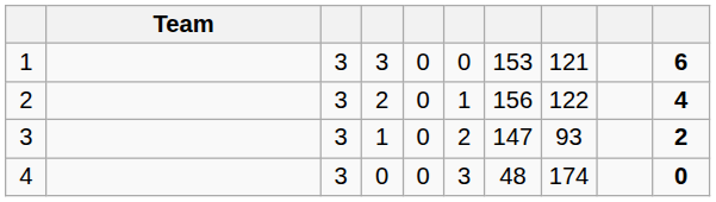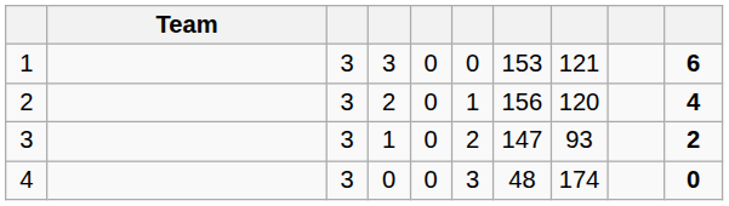 <table class=wikitable style=text-align:center>
 <tr>
 <th width=20 abbr=Position></th>
 <th width=175>Team</th>
 <th width=20 abbr=Played></th>
 <th width=20 abbr=Won></th>
 <th width=20 abbr=Drawn></th>
 <th width=20 abbr=Lost></th>
 <th width=30 abbr=Goal for></th>
 <th width=30 abbr=Goal against></th>
 <th width=30 abbr=Goal difference></th>
 <th width=30 abbr=Points></th>
 </tr>
 <tr>
 <td>1 </td>
 <td align=left></td>
 <td>3</td>
 <td>3</td>
 <td>0</td>
 <td>0</td>
 <td>153</td>
 <td>121</td>
 <td></td>
 <td><strong>6</strong></td>
 </tr>
 <tr>
 <td>2 </td>
 <td align=left></td>
 <td>3</td>
 <td>2</td>
 <td>0</td>
 <td>1</td>
 <td>156</td>
-<td>122</td>
+<td>120</td>
 <td></td>
 <td><strong>4</strong></td>
 </tr>
 <tr>
 <td>3 </td>
 <td align=left></td>
 <td>3</td>
 <td>1</td>
 <td>0</td>
 <td>2</td>
 <td>147</td>
 <td>93</td>
 <td></td>
 <td><strong>2</strong></td>
 </tr>
 <tr>
 <td>4 </td>
 <td align=left></td>
 <td>3</td>
 <td>0</td>
 <td>0</td>
 <td>3</td>
 <td>48</td>
 <td>174</td>
 <td></td>
 <td><strong>0</strong></td>
 </tr>
 </table>
